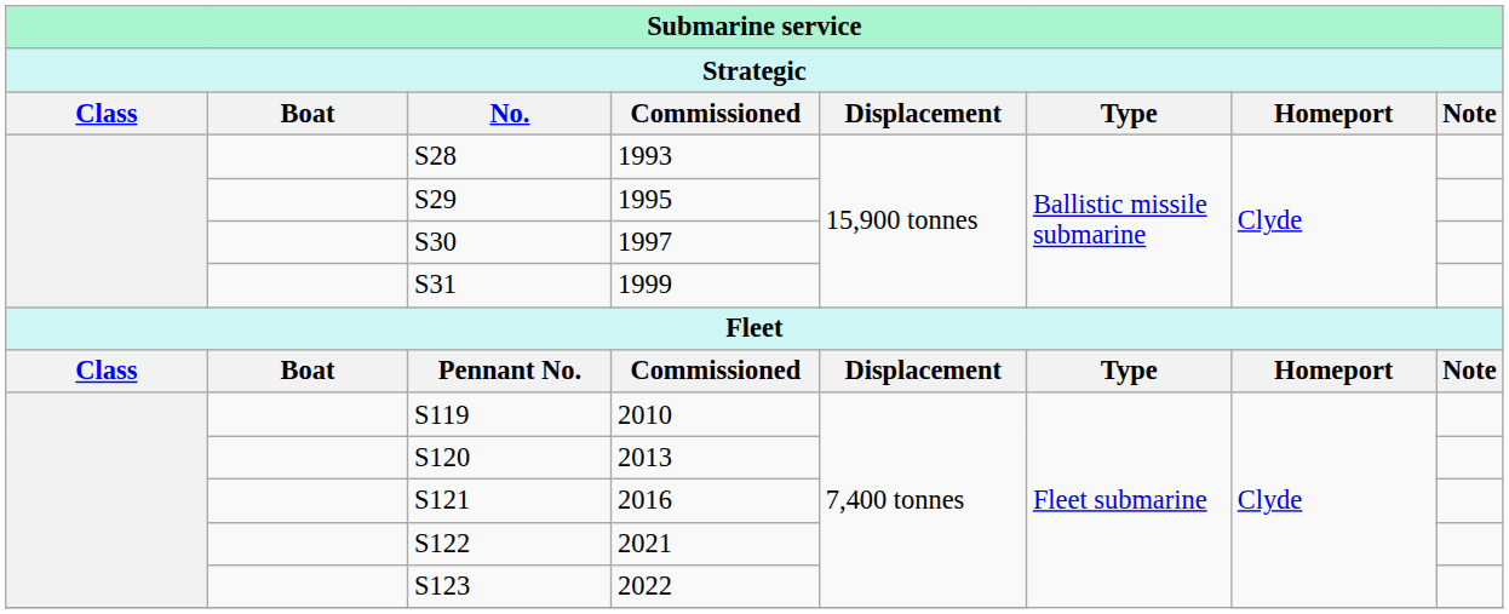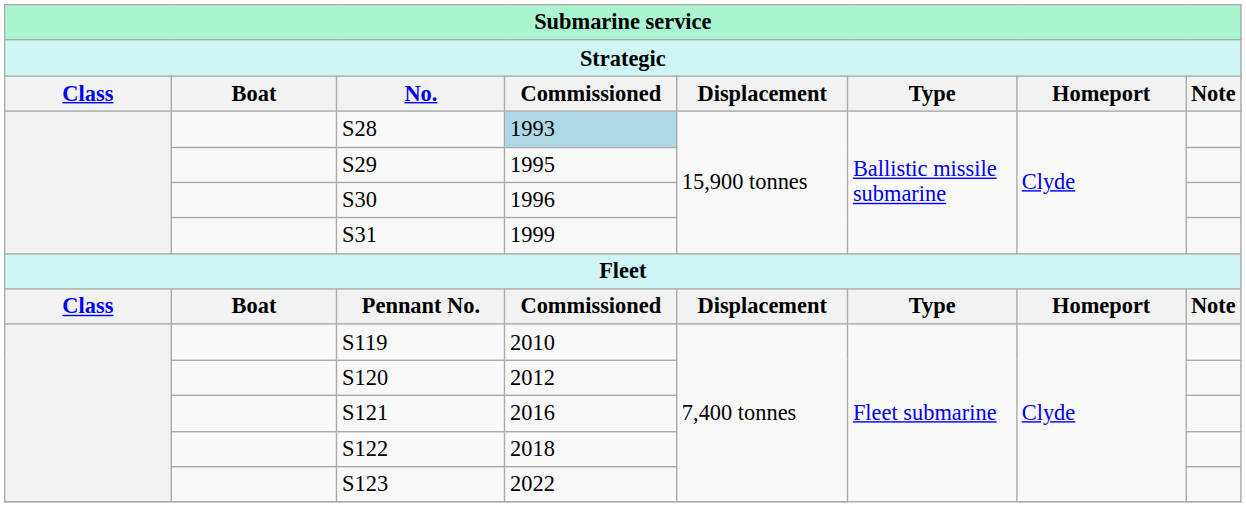 <table class="wikitable" style="margin:auto; width:100%;">
 <tr>
 <th style="align: center; background: #A9F5D0;" colspan="8">Submarine service</th>
 </tr>
 <tr>
 <th style="align: center; background: #CEF6F5;" colspan="8">Strategic</th>
 </tr>
 <tr>
 <th style="text-align:center; width:14%;"><a href='#'>Class</a></th>
 <th style="text-align:center; width:14%;">Boat</th>
 <th style="text-align:center; width:14%;"><a href='#'>No.</a></th>
 <th style="text-align:center; width:14%;">Commissioned</th>
 <th style="text-align:center; width:14%;">Displacement</th>
 <th style="text-align:center; width:14%;">Type</th>
 <th style="text-align:center; width:14%;">Homeport</th>
 <th style="text-align:center; width:2%;">Note</th>
 </tr>
 <tr>
 <th rowspan="4"></th>
 <td></td>
 <td>S28</td>
-<td>1993</td>
+<td style="background: lightblue;">1993</td>
 <td rowspan="4">15,900 tonnes</td>
 <td rowspan="4"><a href='#'>Ballistic missile submarine</a></td>
 <td rowspan="4"><a href='#'>Clyde</a></td>
 <td></td>
 </tr>
 <tr>
 <td></td>
 <td>S29</td>
 <td>1995</td>
 <td></td>
 </tr>
 <tr>
 <td></td>
 <td>S30</td>
-<td>1997</td>
+<td>1996</td>
 <td></td>
 </tr>
 <tr>
 <td></td>
 <td>S31</td>
 <td>1999</td>
 <td></td>
 </tr>
 <tr>
 <th style="align: center; background: #CEF6F5;" colspan="8">Fleet</th>
 </tr>
 <tr>
 <th style="text-align:center; width:14%;"><a href='#'>Class</a></th>
 <th style="text-align:center; width:14%;">Boat</th>
 <th style="text-align:center; width:14%;">Pennant No.</th>
 <th style="text-align:center; width:14%;">Commissioned</th>
 <th style="text-align:center; width:14%;">Displacement</th>
 <th style="text-align:center; width:14%;">Type</th>
 <th style="text-align:center; width:14%;">Homeport</th>
 <th style="text-align:center; width:2%;">Note</th>
 </tr>
 <tr>
 <th rowspan="5"></th>
 <td></td>
 <td>S119</td>
 <td>2010</td>
 <td rowspan="5">7,400 tonnes</td>
 <td rowspan="6"><a href='#'>Fleet submarine</a></td>
 <td rowspan="5"><a href='#'>Clyde</a></td>
 <td></td>
 </tr>
 <tr>
 <td></td>
 <td>S120</td>
-<td>2013</td>
+<td>2012</td>
 <td></td>
 </tr>
 <tr>
 <td></td>
 <td>S121</td>
 <td>2016</td>
 <td></td>
 </tr>
 <tr>
 <td></td>
 <td>S122</td>
-<td>2021</td>
+<td>2018</td>
 <td></td>
 </tr>
 <tr>
 <td></td>
 <td>S123</td>
 <td>2022</td>
 <td></td>
 </tr>
 <tr>
 </tr>
 </table>
